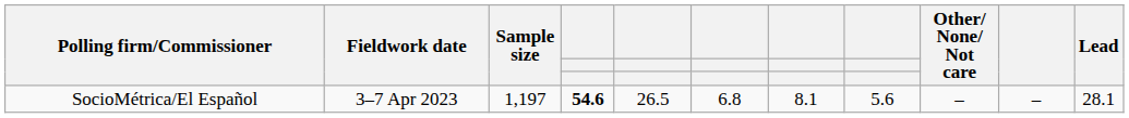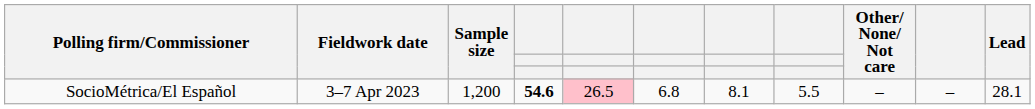 <table class="wikitable collapsible collapsed" style="text-align:center; font-size:90%; line-height:14px;">
 <tr style="height:42px;">
 <th style="width:250px;" rowspan="3">Polling firm/Commissioner</th>
 <th style="width:125px;" rowspan="3">Fieldwork date</th>
 <th style="width:50px;" rowspan="3">Sample size</th>
 <th style="width:35px;"></th>
 <th style="width:55px;"></th>
 <th style="width:55px;"></th>
 <th style="width:55px;"></th>
 <th style="width:55px;"></th>
 <th style="width:55px;" rowspan="3">Other/<br>None/<br>Not<br>care</th>
 <th style="width:55px;" rowspan="3"></th>
 <th style="width:30px;" rowspan="3">Lead</th>
 </tr>
 <tr>
 <th style="color:inherit;background:"></th>
 <th style="color:inherit;background:"></th>
 <th style="color:inherit;background:"></th>
 <th style="color:inherit;background:"></th>
 <th style="color:inherit;background:"></th>
 </tr>
 <tr>
 <th></th>
 <th></th>
 <th></th>
 <th></th>
 <th></th>
 </tr>
 <tr>
 <td>SocioMétrica/El Español</td>
 <td>3–7 Apr 2023</td>
-<td>1,197</td>
+<td>1,200</td>
 <td><strong>54.6</strong></td>
-<td>26.5</td>
+<td style="background: pink;">26.5</td>
 <td>6.8</td>
 <td>8.1</td>
-<td>5.6</td>
+<td>5.5</td>
 <td>–</td>
 <td>–</td>
 <td style="background:">28.1</td>
 </tr>
 </table>
